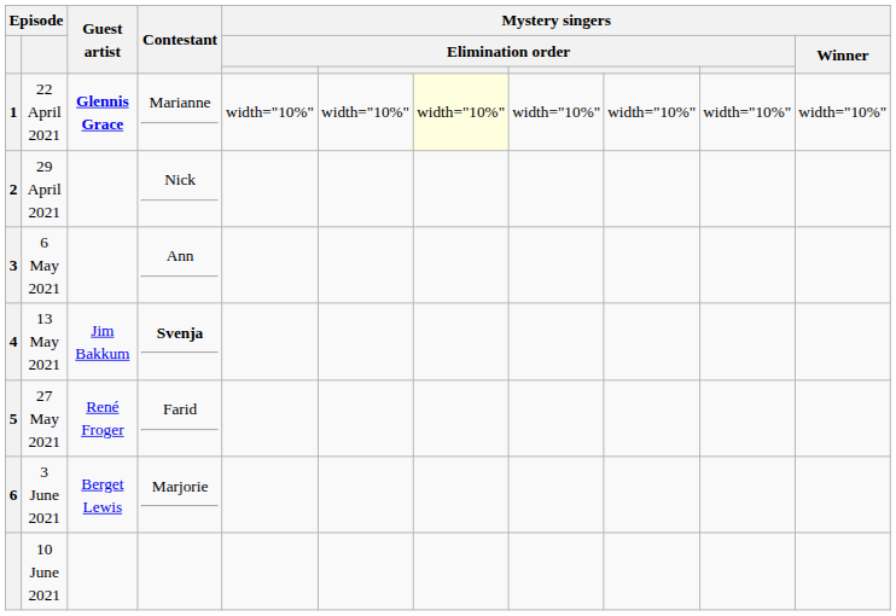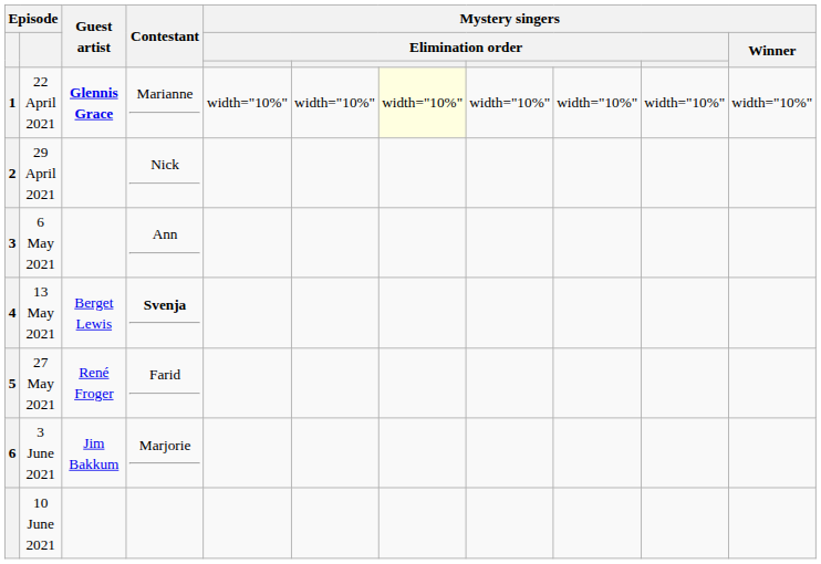 <table class="wikitable plainrowheaders mw-collapsible" style="text-align:center; line-height:23px; width:100%;">
 <tr>
 <th colspan="2" width="1%">Episode</th>
 <th rowspan="3" width="10%">Guest artist</th>
 <th rowspan="3" width="10%">Contestant</th>
 <th colspan="7">Mystery singers<br></th>
 </tr>
 <tr>
 <th rowspan="2"></th>
 <th rowspan="2"></th>
 <th colspan="6">Elimination order</th>
 <th rowspan="2">Winner</th>
 </tr>
 <tr>
 <th></th>
 <th colspan="2"></th>
 <th colspan="2"></th>
 <th></th>
 </tr>
 <tr>
 <th>1</th>
 <td>22 April 2021</td>
 <td><strong><a href='#'>Glennis Grace</a><br></strong></td>
 <td>Marianne<hr></td>
 <td>width="10%" </td>
 <td>width="10%" </td>
 <td style="background: lightyellow;">width="10%" </td>
 <td>width="10%" </td>
 <td>width="10%" </td>
 <td>width="10%" </td>
 <td>width="10%" </td>
 </tr>
 <tr>
 <th>2</th>
 <td>29 April 2021</td>
 <td><br></td>
 <td>Nick<hr></td>
 <td></td>
 <td></td>
 <td></td>
 <td></td>
 <td></td>
 <td></td>
 <td></td>
 </tr>
 <tr>
 <th>3</th>
 <td>6 May 2021</td>
 <td></td>
 <td>Ann<hr></td>
 <td></td>
 <td></td>
 <td></td>
 <td></td>
 <td></td>
 <td></td>
 <td></td>
 </tr>
 <tr>
 <th>4</th>
 <td>13 May 2021</td>
-<td><a href='#'>Jim Bakkum</a><br></td>
+<td><a href='#'>Berget Lewis</a><br></td>
 <td><strong>Svenja<hr></strong></td>
 <td></td>
 <td></td>
 <td></td>
 <td></td>
 <td></td>
 <td></td>
 <td></td>
 </tr>
 <tr>
 <th>5</th>
 <td>27 May 2021</td>
 <td><a href='#'>René Froger</a><br></td>
 <td>Farid<hr></td>
 <td></td>
 <td></td>
 <td></td>
 <td></td>
 <td></td>
 <td></td>
 <td></td>
 </tr>
 <tr>
 <th>6</th>
 <td>3 June 2021</td>
-<td><a href='#'>Berget Lewis</a><br></td>
+<td><a href='#'>Jim Bakkum</a><br></td>
 <td>Marjorie<hr></td>
 <td></td>
 <td></td>
 <td></td>
 <td></td>
 <td></td>
 <td></td>
 <td></td>
 </tr>
 <tr>
 <th></th>
 <td>10 June 2021</td>
 <td><br></td>
 <td></td>
 <td></td>
 <td></td>
 <td></td>
 <td></td>
 <td></td>
 <td></td>
 <td></td>
 </tr>
 </table>
